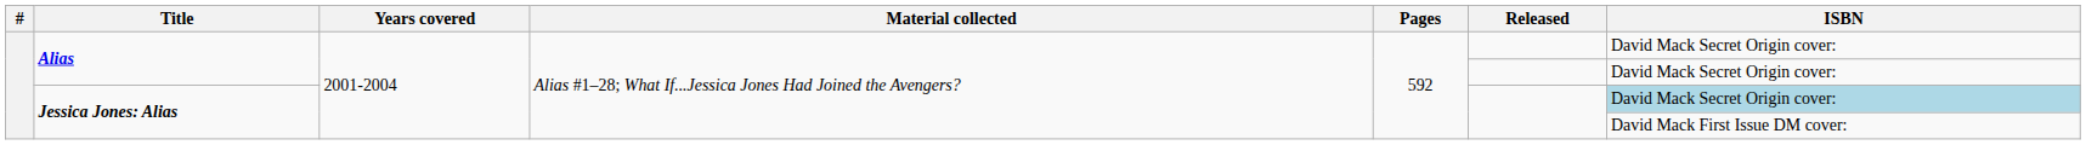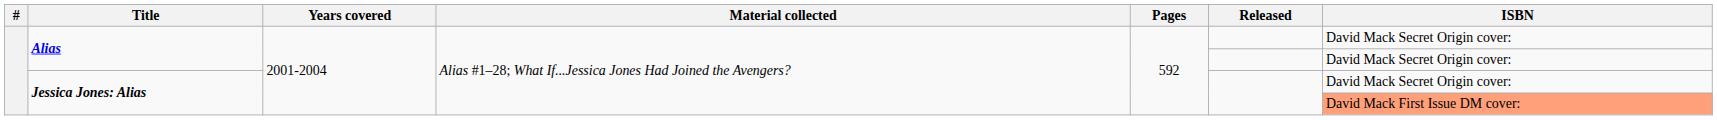 <table class="wikitable sortable" width="99%">
 <tr>
 <th class="unsortable" width="20px">#</th>
 <th>Title</th>
 <th>Years covered</th>
 <th class="unsortable">Material collected</th>
 <th>Pages</th>
 <th>Released</th>
 <th class="unsortable">ISBN</th>
 </tr>
 <tr>
 <th rowspan="4" style="background-color: light grey;"></th>
 <td rowspan="2"><a href='#'><strong><em>Alias</em></strong></a></td>
 <td rowspan="4">2001-2004</td>
 <td rowspan="4"><em>Alias</em> #1–28; <em>What If...Jessica Jones Had Joined the Avengers?</em></td>
 <td rowspan="4" style="text-align: center;">592</td>
 <td></td>
 <td>David Mack Secret Origin cover: </td>
 </tr>
 <tr>
 <td></td>
 <td>David Mack Secret Origin cover: </td>
 </tr>
 <tr>
 <td rowspan="2"><strong><em>Jessica Jones: Alias</em></strong></td>
 <td rowspan="2"></td>
-<td style="background: lightblue;">David Mack Secret Origin cover: </td>
+<td>David Mack Secret Origin cover: </td>
 </tr>
 <tr>
-<td>David Mack First Issue DM cover: </td>
+<td style="background: lightsalmon;">David Mack First Issue DM cover: </td>
 </tr>
 </table>
